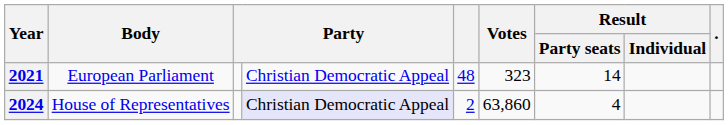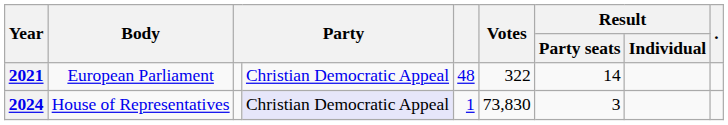 <table class="wikitable plainrowheaders sortable" border=2 cellpadding=4 cellspacing=0 style="border: 1px #aaa solid; font-size: 90%; text-align:center;">
 <tr>
 <th scope="col" rowspan=2>Year</th>
 <th scope="col" rowspan=2>Body</th>
 <th scope="col" colspan=2 rowspan=2>Party</th>
 <th scope="col" rowspan=2></th>
 <th scope="col" rowspan=2>Votes</th>
 <th scope="colgroup" colspan=2>Result</th>
 <th scope="col" rowspan=2>.</th>
 </tr>
 <tr>
 <th scope="col">Party seats</th>
 <th scope="col">Individual</th>
 </tr>
 <tr>
 <th scope="row"><a href='#'>2021</a></th>
 <td><a href='#'>European Parliament</a></td>
 <td style="background-color:"></td>
 <td><a href='#'>Christian Democratic Appeal</a></td>
 <td style=text-align:right><a href='#'>48</a></td>
-<td style=text-align:right>323</td>
+<td style=text-align:right>322</td>
 <td style=text-align:right>14</td>
 <td></td>
 <td></td>
 </tr>
 <tr>
 <th scope="row"><a href='#'>2024</a></th>
 <td><a href='#'>House of Representatives</a></td>
 <td style="background-color:"></td>
 <td style="background: lavender;">Christian Democratic Appeal</td>
-<td style=text-align:right><a href='#'>2</a></td>
-<td style=text-align:right>63,860</td>
-<td style=text-align:right>4</td>
+<td style=text-align:right><a href='#'>1</a></td>
+<td style=text-align:right>73,830</td>
+<td style=text-align:right>3</td>
 <td></td>
 <td></td>
 </tr>
 </table>
